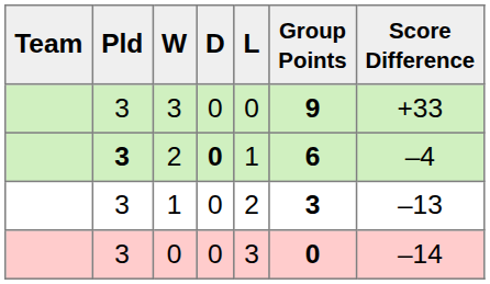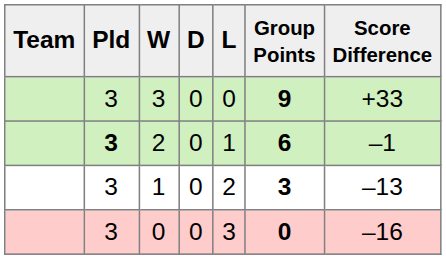 <table style=border-collapse:collapse border=1 cellspacing=0 cellpadding=5>
 <tr align=center bgcolor=#efefef>
 <th>Team</th>
 <th>Pld</th>
 <th>W</th>
 <th>D</th>
 <th>L</th>
 <th><small>Group<br>Points</small></th>
 <th><small>Score<br>Difference</small></th>
 </tr>
 <tr align=center style="background:#D0F0C0;">
 <td style="text-align:left;"> </td>
 <td>3</td>
 <td>3</td>
 <td>0</td>
 <td>0</td>
 <td><strong>9</strong></td>
 <td>+33</td>
 </tr>
 <tr align=center style="background:#D0F0C0;">
 <td style="text-align:left;"> </td>
 <td><strong>3</strong></td>
 <td>2</td>
-<td><strong>0</strong></td>
+<td>0</td>
 <td>1</td>
 <td><strong>6</strong></td>
-<td>–4</td>
+<td>–1</td>
 </tr>
 <tr align=center style="background:#ffffff;">
 <td style="text-align:left;"> </td>
 <td>3</td>
 <td>1</td>
 <td>0</td>
 <td>2</td>
 <td><strong>3</strong></td>
 <td>–13</td>
 </tr>
 <tr align=center style="background:#fcc;">
 <td style="text-align:left;"> </td>
 <td>3</td>
 <td>0</td>
 <td>0</td>
 <td>3</td>
 <td><strong>0</strong></td>
-<td>–14</td>
+<td>–16</td>
 </tr>
 </table>
